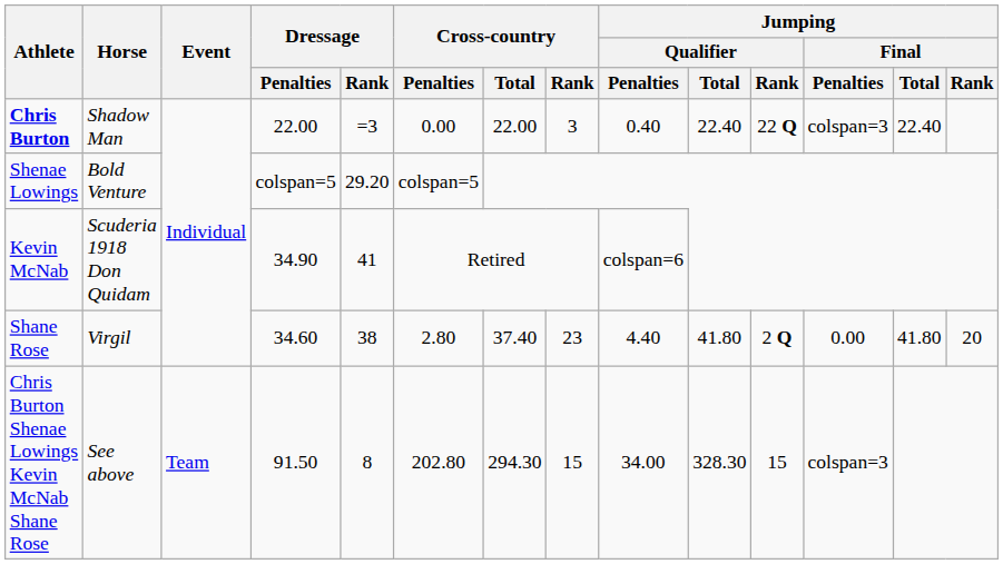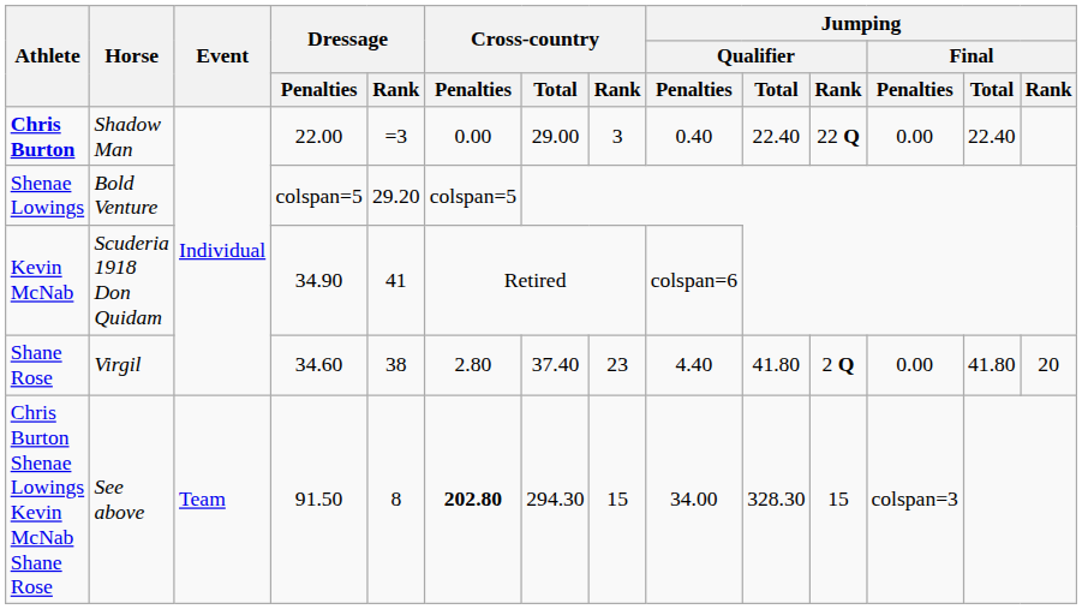 <table class=wikitable style=font-size:90%;text-align:center>
 <tr>
 <th rowspan=3>Athlete</th>
 <th rowspan=3>Horse</th>
 <th rowspan=3>Event</th>
 <th colspan=2 rowspan=2>Dressage</th>
 <th colspan=3 rowspan=2>Cross-country</th>
 <th colspan=6>Jumping</th>
 </tr>
 <tr style=font-size:95%>
 <th colspan=3>Qualifier</th>
 <th colspan=3>Final</th>
 </tr>
 <tr style=font-size:95%>
 <th>Penalties</th>
 <th>Rank</th>
 <th>Penalties</th>
 <th>Total</th>
 <th>Rank</th>
 <th>Penalties</th>
 <th>Total</th>
 <th>Rank</th>
 <th>Penalties</th>
 <th>Total</th>
 <th>Rank</th>
 </tr>
 <tr>
 <td align=left><strong><a href='#'>Chris Burton</a></strong></td>
 <td align=left><em>Shadow Man</em></td>
 <td rowspan=4 align=left><a href='#'>Individual</a></td>
 <td>22.00</td>
 <td>=3</td>
 <td>0.00</td>
-<td>22.00</td>
+<td>29.00</td>
 <td>3</td>
 <td>0.40</td>
 <td>22.40</td>
 <td>22 <strong>Q</strong></td>
-<td>colspan=3 </td>
+<td>0.00</td>
 <td>22.40</td>
 <td></td>
 </tr>
 <tr>
 <td align=left><a href='#'>Shenae Lowings</a></td>
 <td align=left><em>Bold Venture</em></td>
 <td>colspan=5 </td>
 <td>29.20</td>
 <td>colspan=5 </td>
 </tr>
 <tr>
 <td align=left><a href='#'>Kevin McNab</a></td>
 <td align=left><em>Scuderia 1918 Don Quidam</em></td>
 <td>34.90</td>
 <td>41</td>
 <td colspan=3>Retired</td>
 <td>colspan=6 </td>
 </tr>
 <tr>
 <td align=left><a href='#'>Shane Rose</a></td>
 <td align=left><em>Virgil</em></td>
 <td>34.60</td>
 <td>38</td>
 <td>2.80</td>
 <td>37.40</td>
 <td>23</td>
 <td>4.40</td>
 <td>41.80</td>
 <td>2 <strong>Q</strong></td>
 <td>0.00</td>
 <td>41.80</td>
 <td>20</td>
 </tr>
 <tr>
 <td align=left><a href='#'>Chris Burton</a><br><a href='#'>Shenae Lowings</a><br><a href='#'>Kevin McNab</a><br><a href='#'>Shane Rose</a></td>
 <td align=left><em>See above</em></td>
 <td align=left><a href='#'>Team</a></td>
 <td>91.50</td>
 <td>8</td>
-<td>202.80</td>
+<td><strong>202.80</strong></td>
 <td>294.30</td>
 <td>15</td>
 <td>34.00</td>
 <td>328.30</td>
 <td>15</td>
 <td>colspan=3 </td>
 </tr>
 </table>
